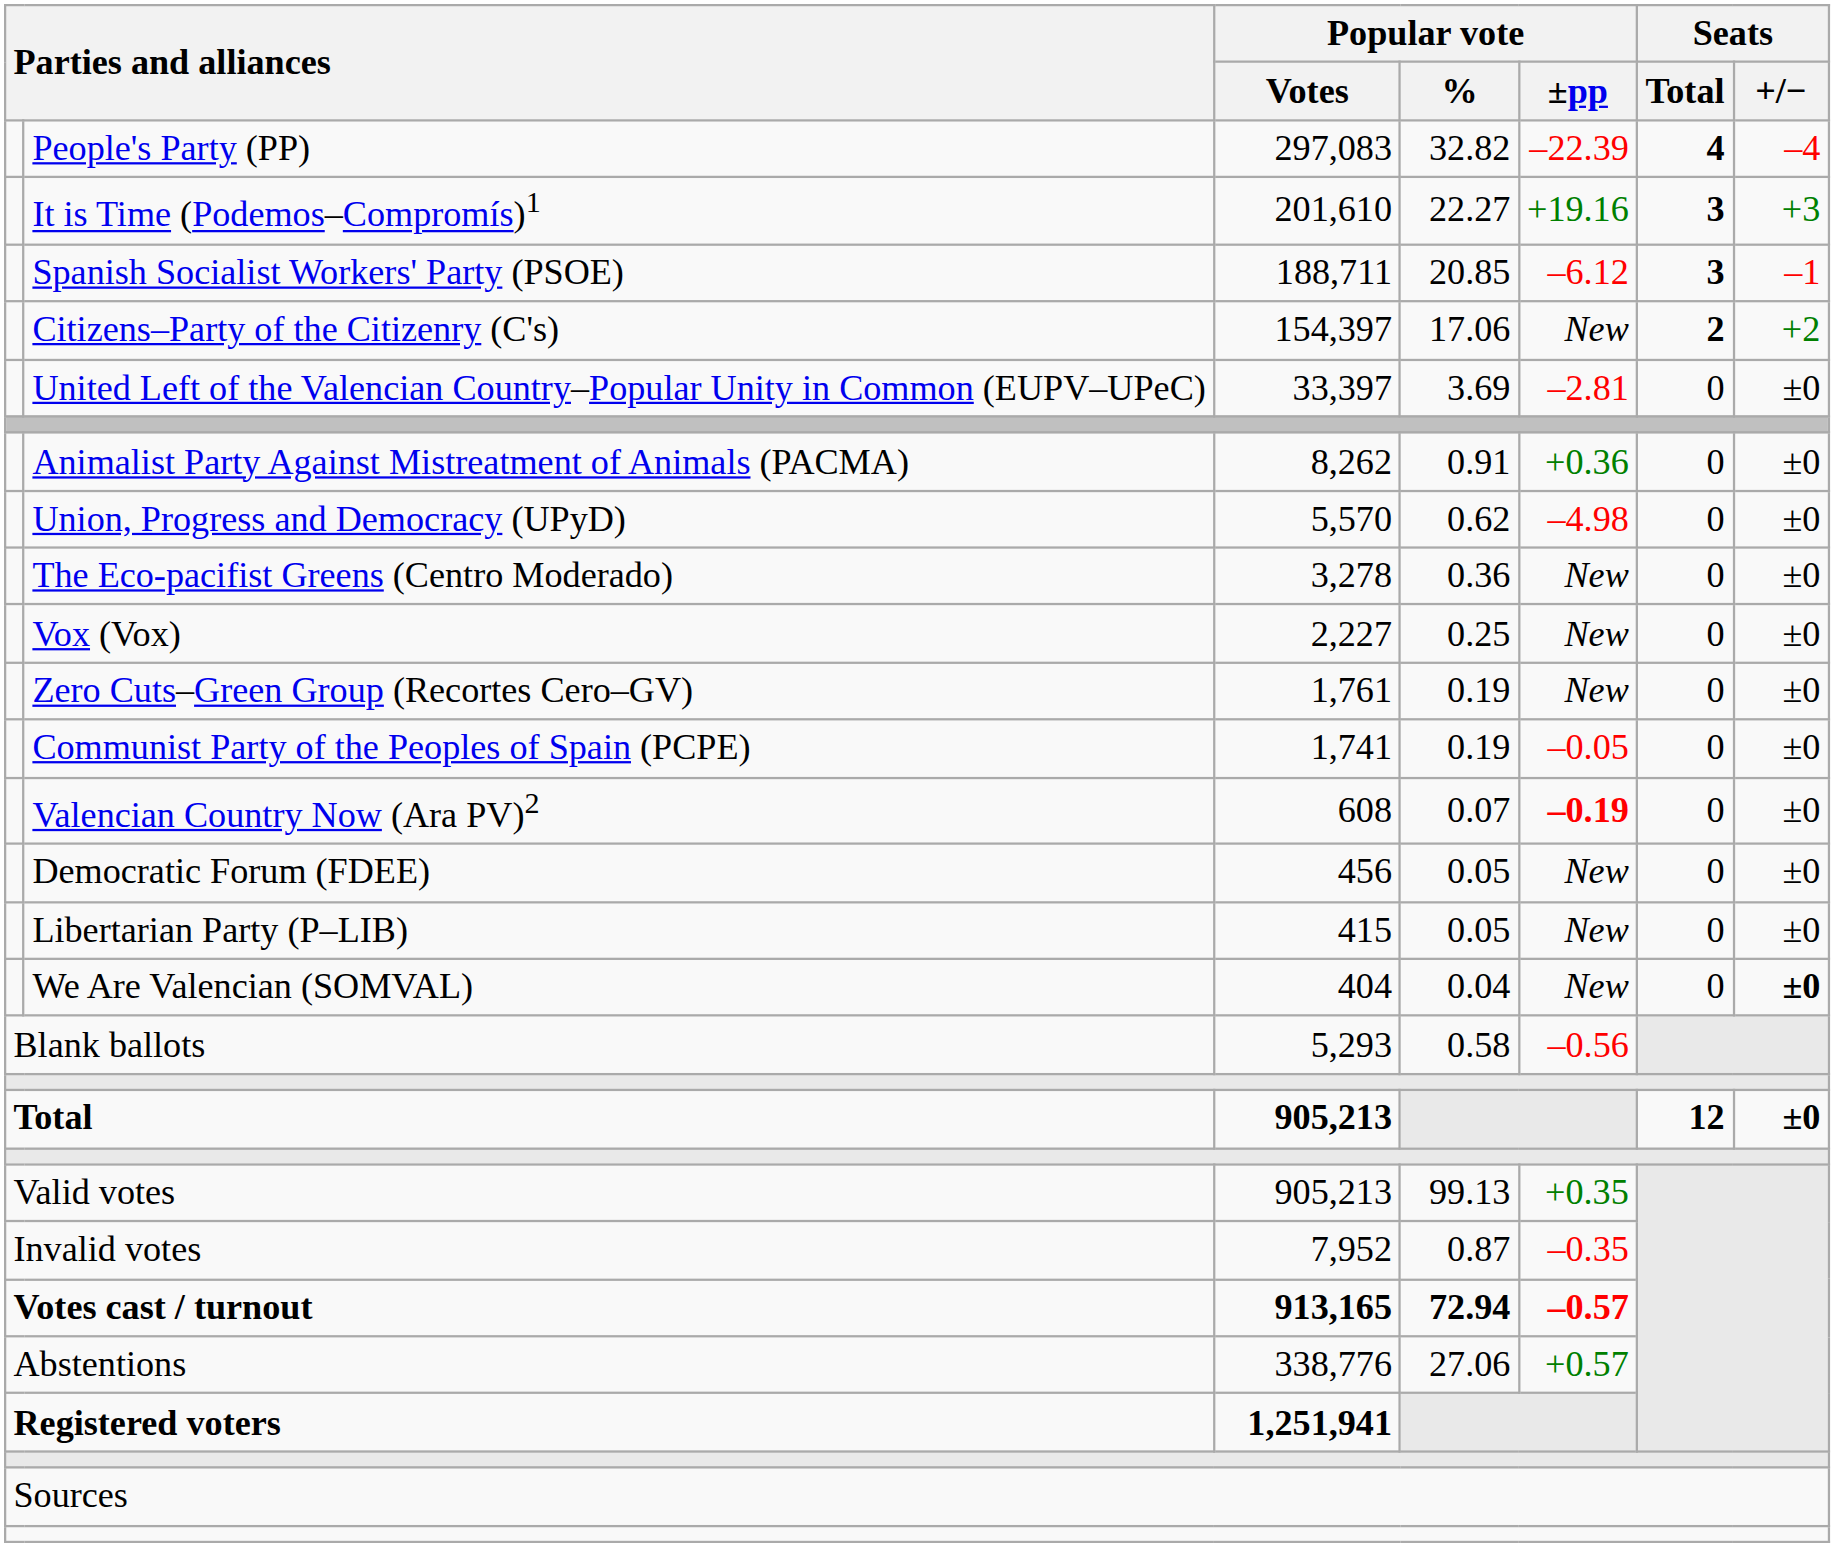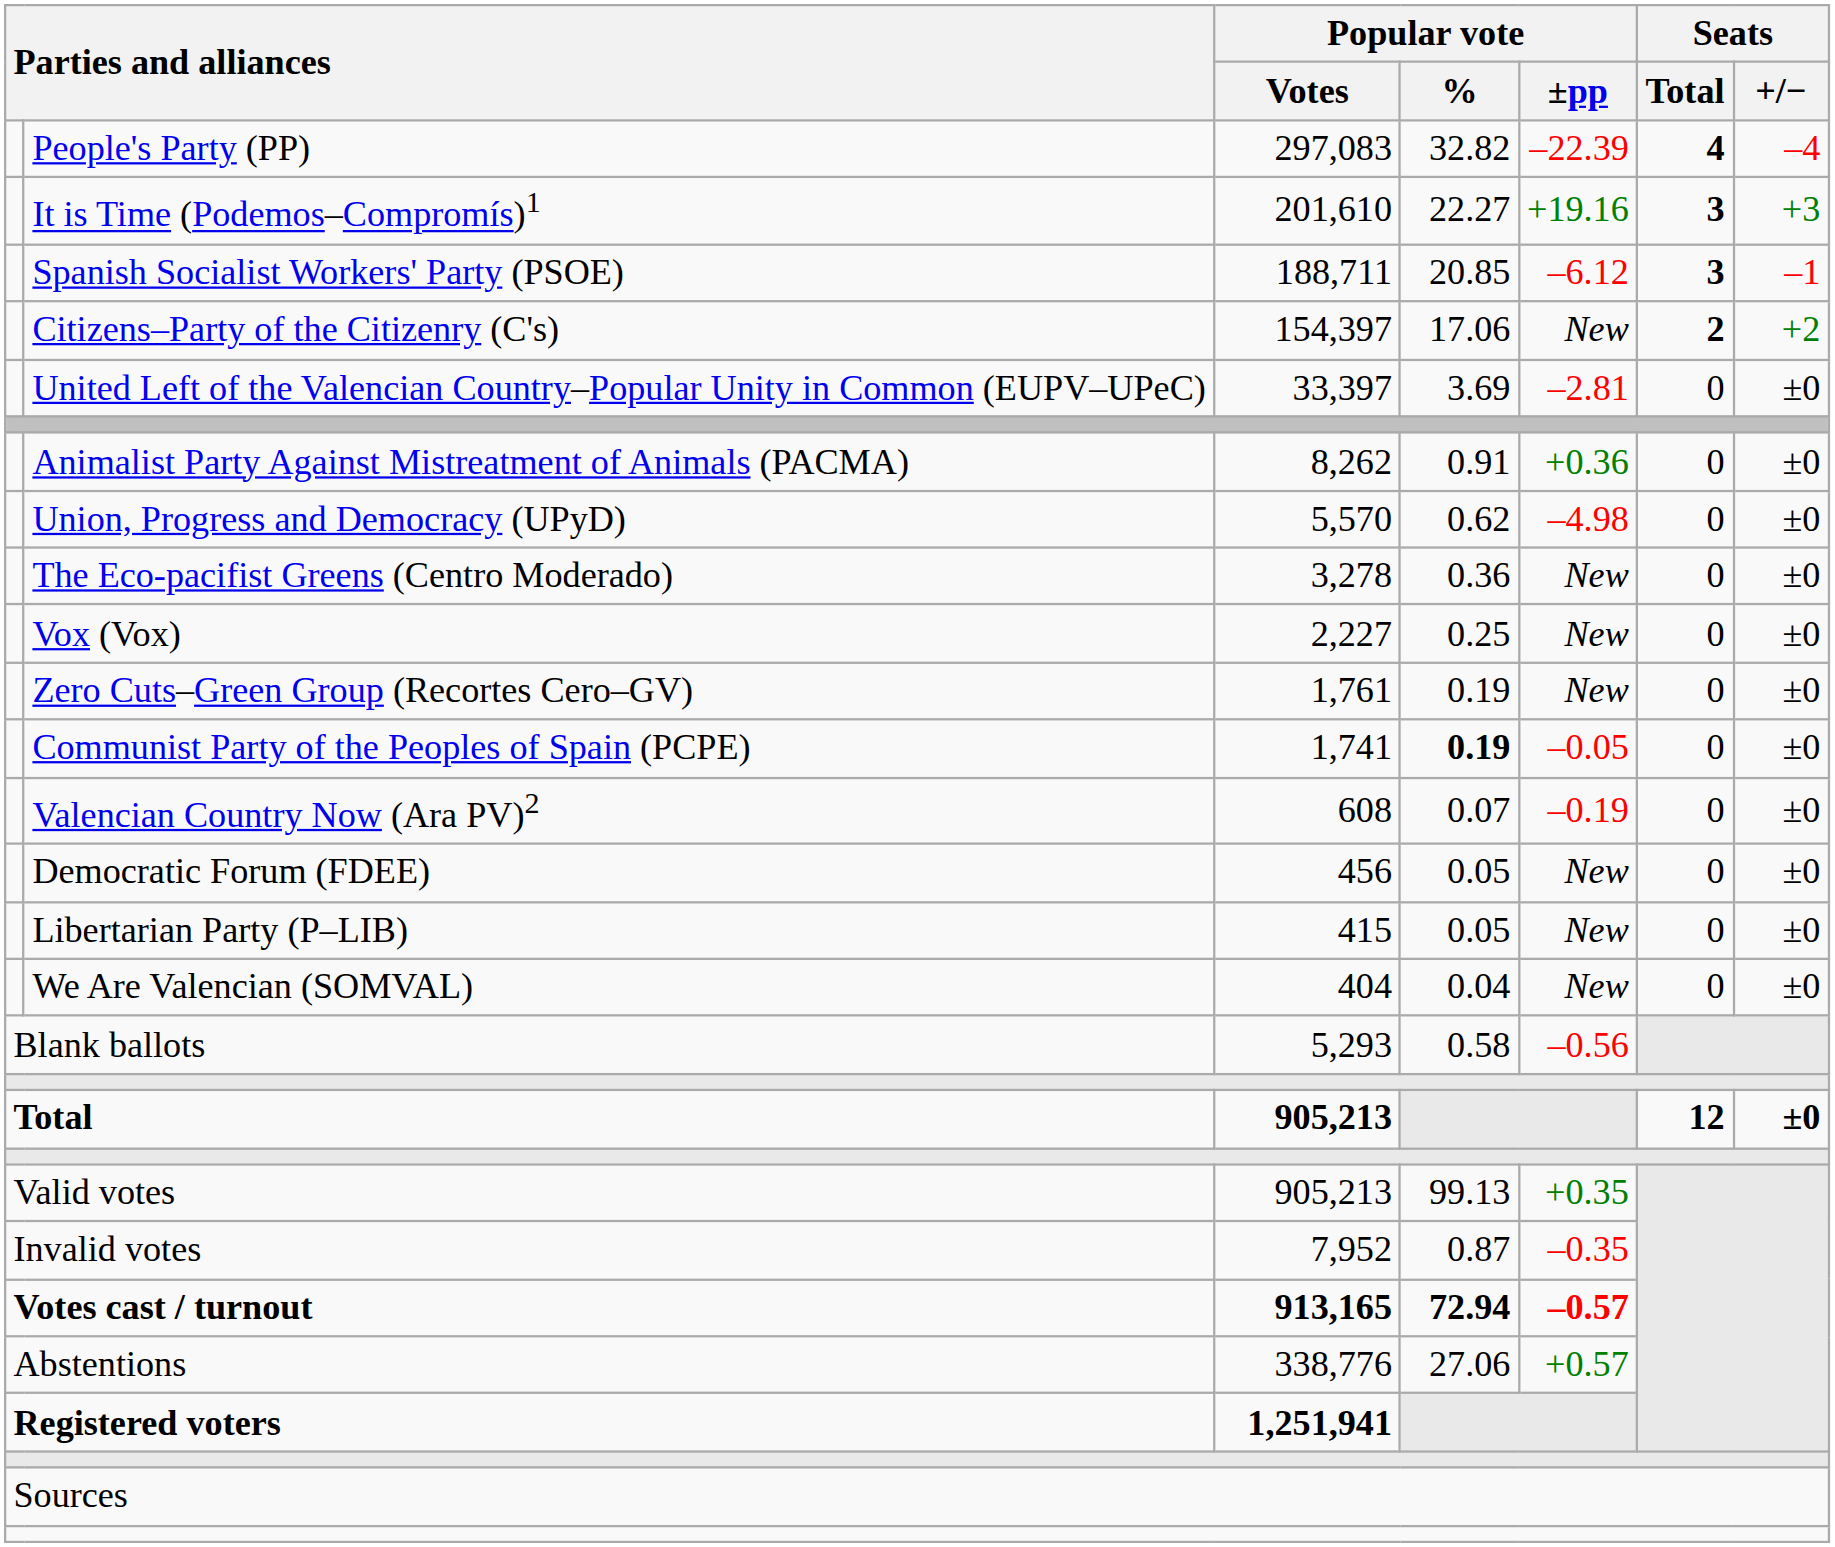 <table class="wikitable" style="text-align:right;">
 <tr>
 <th style="text-align:left;" rowspan="2" colspan="2" width="525">Parties and alliances</th>
 <th colspan="3">Popular vote</th>
 <th colspan="2">Seats</th>
 </tr>
 <tr>
 <th width="75">Votes</th>
 <th width="45">%</th>
 <th width="45">±<a href='#'>pp</a></th>
 <th width="35">Total</th>
 <th width="35">+/−</th>
 </tr>
 <tr>
 <td width="1" style="color:inherit;background:"></td>
 <td align="left"><a href='#'>People's Party</a> (PP)</td>
 <td>297,083</td>
 <td>32.82</td>
 <td style="color:red;">–22.39</td>
 <td><strong>4</strong></td>
 <td style="color:red;">–4</td>
 </tr>
 <tr>
 <td style="color:inherit;background:"></td>
 <td align="left"><a href='#'>It is Time</a> (<a href='#'>Podemos</a>–<a href='#'>Compromís</a>)<sup>1</sup></td>
 <td>201,610</td>
 <td>22.27</td>
 <td style="color:green;">+19.16</td>
 <td><strong>3</strong></td>
 <td style="color:green;">+3</td>
 </tr>
 <tr>
 <td style="color:inherit;background:"></td>
 <td align="left"><a href='#'>Spanish Socialist Workers' Party</a> (PSOE)</td>
 <td>188,711</td>
 <td>20.85</td>
 <td style="color:red;">–6.12</td>
 <td><strong>3</strong></td>
 <td style="color:red;">–1</td>
 </tr>
 <tr>
 <td style="color:inherit;background:"></td>
 <td align="left"><a href='#'>Citizens–Party of the Citizenry</a> (C's)</td>
 <td>154,397</td>
 <td>17.06</td>
 <td><em>New</em></td>
 <td><strong>2</strong></td>
 <td style="color:green;">+2</td>
 </tr>
 <tr>
 <td style="color:inherit;background:"></td>
 <td align="left"><a href='#'>United Left of the Valencian Country</a>–<a href='#'>Popular Unity in Common</a> (EUPV–UPeC)</td>
 <td>33,397</td>
 <td>3.69</td>
 <td style="color:red;">–2.81</td>
 <td>0</td>
 <td>±0</td>
 </tr>
 <tr>
 <td colspan="7" bgcolor="#C0C0C0"></td>
 </tr>
 <tr>
 <td style="color:inherit;background:"></td>
 <td align="left"><a href='#'>Animalist Party Against Mistreatment of Animals</a> (PACMA)</td>
 <td>8,262</td>
 <td>0.91</td>
 <td style="color:green;">+0.36</td>
 <td>0</td>
 <td>±0</td>
 </tr>
 <tr>
 <td style="color:inherit;background:"></td>
 <td align="left"><a href='#'>Union, Progress and Democracy</a> (UPyD)</td>
 <td>5,570</td>
 <td>0.62</td>
 <td style="color:red;">–4.98</td>
 <td>0</td>
 <td>±0</td>
 </tr>
 <tr>
 <td style="color:inherit;background:"></td>
 <td align="left"><a href='#'>The Eco-pacifist Greens</a> (Centro Moderado)</td>
 <td>3,278</td>
 <td>0.36</td>
 <td><em>New</em></td>
 <td>0</td>
 <td>±0</td>
 </tr>
 <tr>
 <td style="color:inherit;background:"></td>
 <td align="left"><a href='#'>Vox</a> (Vox)</td>
 <td>2,227</td>
 <td>0.25</td>
 <td><em>New</em></td>
 <td>0</td>
 <td>±0</td>
 </tr>
 <tr>
 <td style="color:inherit;background:"></td>
 <td align="left"><a href='#'>Zero Cuts</a>–<a href='#'>Green Group</a> (Recortes Cero–GV)</td>
 <td>1,761</td>
 <td>0.19</td>
 <td><em>New</em></td>
 <td>0</td>
 <td>±0</td>
 </tr>
 <tr>
 <td style="color:inherit;background:"></td>
 <td align="left"><a href='#'>Communist Party of the Peoples of Spain</a> (PCPE)</td>
 <td>1,741</td>
-<td>0.19</td>
+<td><strong>0.19</strong></td>
 <td style="color:red;">–0.05</td>
 <td>0</td>
 <td>±0</td>
 </tr>
 <tr>
 <td style="color:inherit;background:"></td>
 <td align="left"><a href='#'>Valencian Country Now</a> (Ara PV)<sup>2</sup></td>
 <td>608</td>
 <td>0.07</td>
-<td style="color:red;"><strong>–0.19</strong></td>
+<td style="color:red;">–0.19</td>
 <td>0</td>
 <td>±0</td>
 </tr>
 <tr>
 <td style="color:inherit;background:"></td>
 <td align="left">Democratic Forum (FDEE)</td>
 <td>456</td>
 <td>0.05</td>
 <td><em>New</em></td>
 <td>0</td>
 <td>±0</td>
 </tr>
 <tr>
 <td style="color:inherit;background:"></td>
 <td align="left">Libertarian Party (P–LIB)</td>
 <td>415</td>
 <td>0.05</td>
 <td><em>New</em></td>
 <td>0</td>
 <td>±0</td>
 </tr>
 <tr>
 <td style="color:inherit;background:"></td>
 <td align="left">We Are Valencian (SOMVAL)</td>
 <td>404</td>
 <td>0.04</td>
 <td><em>New</em></td>
 <td>0</td>
-<td><strong>±0</strong></td>
+<td>±0</td>
 </tr>
 <tr>
 <td align="left" colspan="2">Blank ballots</td>
 <td>5,293</td>
 <td>0.58</td>
 <td style="color:red;">–0.56</td>
 <td bgcolor="#E9E9E9" colspan="2"></td>
 </tr>
 <tr>
 <td colspan="7" bgcolor="#E9E9E9"></td>
 </tr>
 <tr style="font-weight:bold;">
 <td align="left" colspan="2">Total</td>
 <td>905,213</td>
 <td bgcolor="#E9E9E9" colspan="2"></td>
 <td>12</td>
 <td>±0</td>
 </tr>
 <tr>
 <td colspan="7" bgcolor="#E9E9E9"></td>
 </tr>
 <tr>
 <td align="left" colspan="2">Valid votes</td>
 <td>905,213</td>
 <td>99.13</td>
 <td style="color:green;">+0.35</td>
 <td bgcolor="#E9E9E9" colspan="2" rowspan="5"></td>
 </tr>
 <tr>
 <td align="left" colspan="2">Invalid votes</td>
 <td>7,952</td>
 <td>0.87</td>
 <td style="color:red;">–0.35</td>
 </tr>
 <tr style="font-weight:bold;">
 <td align="left" colspan="2">Votes cast / turnout</td>
 <td>913,165</td>
 <td>72.94</td>
 <td style="color:red;">–0.57</td>
 </tr>
 <tr>
 <td align="left" colspan="2">Abstentions</td>
 <td>338,776</td>
 <td>27.06</td>
 <td style="color:green;">+0.57</td>
 </tr>
 <tr style="font-weight:bold;">
 <td align="left" colspan="2">Registered voters</td>
 <td>1,251,941</td>
 <td bgcolor="#E9E9E9" colspan="2"></td>
 </tr>
 <tr>
 <td colspan="7" bgcolor="#E9E9E9"></td>
 </tr>
 <tr>
 <td align="left" colspan="7">Sources</td>
 </tr>
 <tr>
 <td colspan="7" style="text-align:left; max-width:790px;"></td>
 </tr>
 </table>
